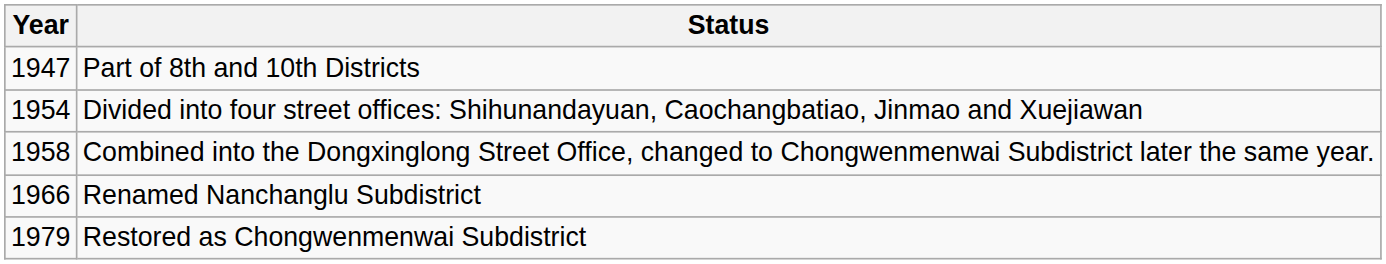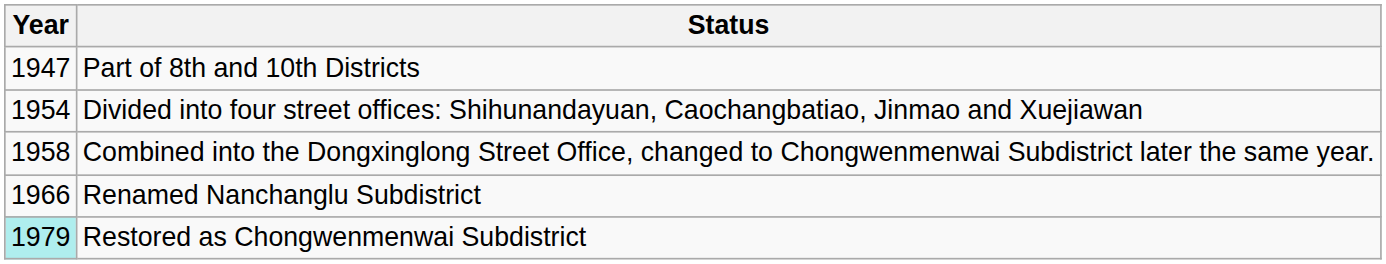 <table class="wikitable">
 <tr>
 <th>Year</th>
 <th>Status</th>
 </tr>
 <tr>
 <td>1947</td>
 <td>Part of 8th and 10th Districts</td>
 </tr>
 <tr>
 <td>1954</td>
 <td>Divided into four street offices: Shihunandayuan, Caochangbatiao, Jinmao and Xuejiawan</td>
 </tr>
 <tr>
 <td>1958</td>
 <td>Combined into the Dongxinglong Street Office, changed to Chongwenmenwai Subdistrict later the same year.</td>
 </tr>
 <tr>
 <td>1966</td>
 <td>Renamed Nanchanglu Subdistrict</td>
 </tr>
 <tr>
-<td>1979</td>
+<td style="background: paleturquoise;">1979</td>
 <td>Restored as Chongwenmenwai Subdistrict</td>
 </tr>
 </table>
